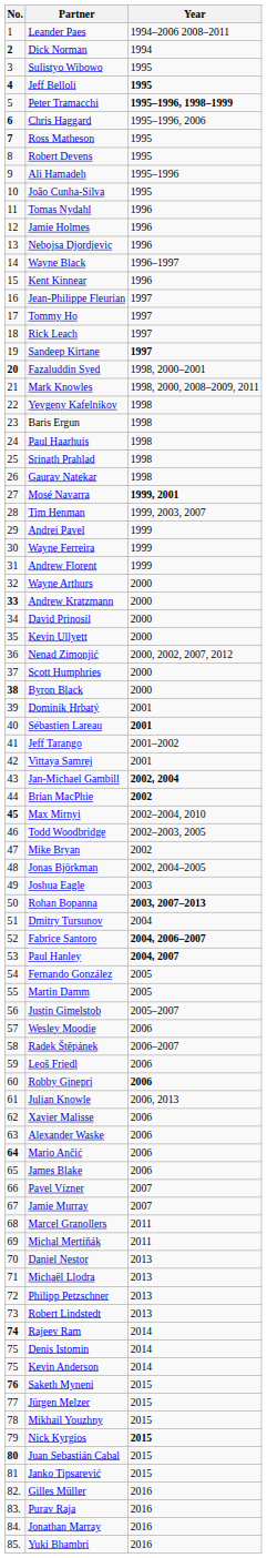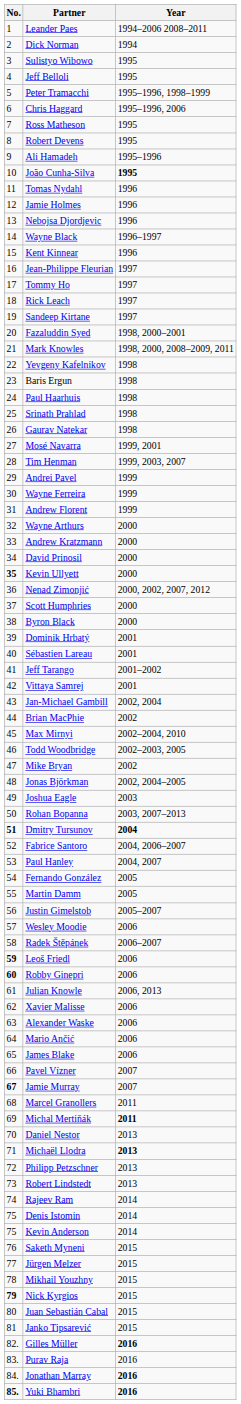 <table class=wikitable style=font-size:95%>
 <tr>
 <th>No.</th>
 <th>Partner</th>
 <th>Year</th>
 </tr>
 <tr>
 <td>1</td>
 <td> <a href='#'>Leander Paes</a></td>
 <td>1994–2006 2008–2011</td>
 </tr>
 <tr>
-<td><strong>2</strong></td>
+<td>2</td>
 <td> <a href='#'>Dick Norman</a></td>
 <td>1994</td>
 </tr>
 <tr>
 <td>3</td>
 <td> <a href='#'>Sulistyo Wibowo</a></td>
 <td>1995</td>
 </tr>
 <tr>
-<td><strong>4</strong></td>
+<td>4</td>
 <td> <a href='#'>Jeff Belloli</a></td>
-<td><strong>1995</strong></td>
+<td>1995</td>
 </tr>
 <tr>
 <td>5</td>
 <td> <a href='#'>Peter Tramacchi</a></td>
-<td><strong>1995–1996, 1998–1999</strong></td>
+<td>1995–1996, 1998–1999</td>
 </tr>
 <tr>
-<td><strong>6</strong></td>
+<td>6</td>
 <td> <a href='#'>Chris Haggard</a></td>
 <td>1995–1996, 2006</td>
 </tr>
 <tr>
-<td><strong>7</strong></td>
+<td>7</td>
 <td> <a href='#'>Ross Matheson</a></td>
 <td>1995</td>
 </tr>
 <tr>
 <td>8</td>
 <td> <a href='#'>Robert Devens</a></td>
 <td>1995</td>
 </tr>
 <tr>
 <td>9</td>
 <td> <a href='#'>Ali Hamadeh</a></td>
 <td>1995–1996</td>
 </tr>
 <tr>
 <td>10</td>
 <td> <a href='#'>João Cunha-Silva</a></td>
-<td>1995</td>
+<td><strong>1995</strong></td>
 </tr>
 <tr>
 <td>11</td>
 <td> <a href='#'>Tomas Nydahl</a></td>
 <td>1996</td>
 </tr>
 <tr>
 <td>12</td>
 <td> <a href='#'>Jamie Holmes</a></td>
 <td>1996</td>
 </tr>
 <tr>
 <td>13</td>
 <td> <a href='#'>Nebojsa Djordjevic</a></td>
 <td>1996</td>
 </tr>
 <tr>
 <td>14</td>
 <td> <a href='#'>Wayne Black</a></td>
 <td>1996–1997</td>
 </tr>
 <tr>
 <td>15</td>
 <td> <a href='#'>Kent Kinnear</a></td>
 <td>1996</td>
 </tr>
 <tr>
 <td>16</td>
 <td> <a href='#'>Jean-Philippe Fleurian</a></td>
 <td>1997</td>
 </tr>
 <tr>
 <td>17</td>
 <td> <a href='#'>Tommy Ho</a></td>
 <td>1997</td>
 </tr>
 <tr>
 <td>18</td>
 <td> <a href='#'>Rick Leach</a></td>
 <td>1997</td>
 </tr>
 <tr>
 <td>19</td>
 <td> <a href='#'>Sandeep Kirtane</a></td>
-<td><strong>1997</strong></td>
+<td>1997</td>
 </tr>
 <tr>
-<td><strong>20</strong></td>
+<td>20</td>
 <td> <a href='#'>Fazaluddin Syed</a></td>
 <td>1998, 2000–2001</td>
 </tr>
 <tr>
 <td>21</td>
 <td> <a href='#'>Mark Knowles</a></td>
 <td>1998, 2000, 2008–2009, 2011</td>
 </tr>
 <tr>
 <td>22</td>
 <td> <a href='#'>Yevgeny Kafelnikov</a></td>
 <td>1998</td>
 </tr>
 <tr>
 <td>23</td>
 <td> Baris Ergun</td>
 <td>1998</td>
 </tr>
 <tr>
 <td>24</td>
 <td> <a href='#'>Paul Haarhuis</a></td>
 <td>1998</td>
 </tr>
 <tr>
 <td>25</td>
 <td> <a href='#'>Srinath Prahlad</a></td>
 <td>1998</td>
 </tr>
 <tr>
 <td>26</td>
 <td> <a href='#'>Gaurav Natekar</a></td>
 <td>1998</td>
 </tr>
 <tr>
 <td>27</td>
 <td> <a href='#'>Mosé Navarra</a></td>
-<td><strong>1999, 2001</strong></td>
+<td>1999, 2001</td>
 </tr>
 <tr>
 <td>28</td>
 <td> <a href='#'>Tim Henman</a></td>
 <td>1999, 2003, 2007</td>
 </tr>
 <tr>
 <td>29</td>
 <td> <a href='#'>Andrei Pavel</a></td>
 <td>1999</td>
 </tr>
 <tr>
 <td>30</td>
 <td> <a href='#'>Wayne Ferreira</a></td>
 <td>1999</td>
 </tr>
 <tr>
 <td>31</td>
 <td> <a href='#'>Andrew Florent</a></td>
 <td>1999</td>
 </tr>
 <tr>
 <td>32</td>
 <td> <a href='#'>Wayne Arthurs</a></td>
 <td>2000</td>
 </tr>
 <tr>
-<td><strong>33</strong></td>
+<td>33</td>
 <td> <a href='#'>Andrew Kratzmann</a></td>
 <td>2000</td>
 </tr>
 <tr>
 <td>34</td>
 <td> <a href='#'>David Prinosil</a></td>
 <td>2000</td>
 </tr>
 <tr>
-<td>35</td>
+<td><strong>35</strong></td>
 <td> <a href='#'>Kevin Ullyett</a></td>
 <td>2000</td>
 </tr>
 <tr>
 <td>36</td>
 <td> <a href='#'>Nenad Zimonjić</a></td>
 <td>2000, 2002, 2007, 2012</td>
 </tr>
 <tr>
 <td>37</td>
 <td> <a href='#'>Scott Humphries</a></td>
 <td>2000</td>
 </tr>
 <tr>
-<td><strong>38</strong></td>
+<td>38</td>
 <td> <a href='#'>Byron Black</a></td>
 <td>2000</td>
 </tr>
 <tr>
 <td>39</td>
 <td> <a href='#'>Dominik Hrbatý</a></td>
 <td>2001</td>
 </tr>
 <tr>
 <td>40</td>
 <td> <a href='#'>Sébastien Lareau</a></td>
-<td><strong>2001</strong></td>
+<td>2001</td>
 </tr>
 <tr>
 <td>41</td>
 <td> <a href='#'>Jeff Tarango</a></td>
 <td>2001–2002</td>
 </tr>
 <tr>
 <td>42</td>
 <td> <a href='#'>Vittaya Samrej</a></td>
 <td>2001</td>
 </tr>
 <tr>
 <td>43</td>
 <td> <a href='#'>Jan-Michael Gambill</a></td>
-<td><strong>2002, 2004</strong></td>
+<td>2002, 2004</td>
 </tr>
 <tr>
 <td>44</td>
 <td> <a href='#'>Brian MacPhie</a></td>
-<td><strong>2002</strong></td>
+<td>2002</td>
 </tr>
 <tr>
-<td><strong>45</strong></td>
+<td>45</td>
 <td> <a href='#'>Max Mirnyi</a></td>
 <td>2002–2004, 2010</td>
 </tr>
 <tr>
 <td>46</td>
 <td> <a href='#'>Todd Woodbridge</a></td>
 <td>2002–2003, 2005</td>
 </tr>
 <tr>
 <td>47</td>
 <td> <a href='#'>Mike Bryan</a></td>
 <td>2002</td>
 </tr>
 <tr>
 <td>48</td>
 <td> <a href='#'>Jonas Björkman</a></td>
 <td>2002, 2004–2005</td>
 </tr>
 <tr>
 <td>49</td>
 <td> <a href='#'>Joshua Eagle</a></td>
 <td>2003</td>
 </tr>
 <tr>
 <td>50</td>
 <td> <a href='#'>Rohan Bopanna</a></td>
-<td><strong>2003, 2007–2013</strong></td>
+<td>2003, 2007–2013</td>
 </tr>
 <tr>
-<td>51</td>
+<td><strong>51</strong></td>
 <td> <a href='#'>Dmitry Tursunov</a></td>
-<td>2004</td>
+<td><strong>2004</strong></td>
 </tr>
 <tr>
 <td>52</td>
 <td> <a href='#'>Fabrice Santoro</a></td>
-<td><strong>2004, 2006–2007</strong></td>
+<td>2004, 2006–2007</td>
 </tr>
 <tr>
 <td>53</td>
 <td> <a href='#'>Paul Hanley</a></td>
-<td><strong>2004, 2007</strong></td>
+<td>2004, 2007</td>
 </tr>
 <tr>
 <td>54</td>
 <td> <a href='#'>Fernando González</a></td>
 <td>2005</td>
 </tr>
 <tr>
 <td>55</td>
 <td> <a href='#'>Martin Damm</a></td>
 <td>2005</td>
 </tr>
 <tr>
 <td>56</td>
 <td> <a href='#'>Justin Gimelstob</a></td>
 <td>2005–2007</td>
 </tr>
 <tr>
 <td>57</td>
 <td> <a href='#'>Wesley Moodie</a></td>
 <td>2006</td>
 </tr>
 <tr>
 <td>58</td>
 <td> <a href='#'>Radek Štěpánek</a></td>
 <td>2006–2007</td>
 </tr>
 <tr>
-<td>59</td>
+<td><strong>59</strong></td>
 <td> <a href='#'>Leoš Friedl</a></td>
 <td>2006</td>
 </tr>
 <tr>
-<td>60</td>
+<td><strong>60</strong></td>
 <td> <a href='#'>Robby Ginepri</a></td>
-<td><strong>2006</strong></td>
+<td>2006</td>
 </tr>
 <tr>
 <td>61</td>
 <td> <a href='#'>Julian Knowle</a></td>
 <td>2006, 2013</td>
 </tr>
 <tr>
 <td>62</td>
 <td> <a href='#'>Xavier Malisse</a></td>
 <td>2006</td>
 </tr>
 <tr>
 <td>63</td>
 <td> <a href='#'>Alexander Waske</a></td>
 <td>2006</td>
 </tr>
 <tr>
-<td><strong>64</strong></td>
+<td>64</td>
 <td> <a href='#'>Mario Ančić</a></td>
 <td>2006</td>
 </tr>
 <tr>
 <td>65</td>
 <td> <a href='#'>James Blake</a></td>
 <td>2006</td>
 </tr>
 <tr>
 <td>66</td>
 <td> <a href='#'>Pavel Vízner</a></td>
 <td>2007</td>
 </tr>
 <tr>
-<td>67</td>
+<td><strong>67</strong></td>
 <td> <a href='#'>Jamie Murray</a></td>
 <td>2007</td>
 </tr>
 <tr>
 <td>68</td>
 <td> <a href='#'>Marcel Granollers</a></td>
 <td>2011</td>
 </tr>
 <tr>
 <td>69</td>
 <td> <a href='#'>Michal Mertiňák</a></td>
-<td>2011</td>
+<td><strong>2011</strong></td>
 </tr>
 <tr>
 <td>70</td>
 <td> <a href='#'>Daniel Nestor</a></td>
 <td>2013</td>
 </tr>
 <tr>
 <td>71</td>
 <td> <a href='#'>Michaël Llodra</a></td>
-<td>2013</td>
+<td><strong>2013</strong></td>
 </tr>
 <tr>
 <td>72</td>
 <td> <a href='#'>Philipp Petzschner</a></td>
 <td>2013</td>
 </tr>
 <tr>
 <td>73</td>
 <td> <a href='#'>Robert Lindstedt</a></td>
 <td>2013</td>
 </tr>
 <tr>
-<td><strong>74</strong></td>
+<td>74</td>
 <td> <a href='#'>Rajeev Ram</a></td>
 <td>2014</td>
 </tr>
 <tr>
 <td>75</td>
 <td> <a href='#'>Denis Istomin</a></td>
 <td>2014</td>
 </tr>
 <tr>
 <td>75</td>
 <td> <a href='#'>Kevin Anderson</a></td>
 <td>2014</td>
 </tr>
 <tr>
-<td><strong>76</strong></td>
+<td>76</td>
 <td> <a href='#'>Saketh Myneni</a></td>
 <td>2015</td>
 </tr>
 <tr>
 <td>77</td>
 <td> <a href='#'>Jürgen Melzer</a></td>
 <td>2015</td>
 </tr>
 <tr>
 <td>78</td>
 <td> <a href='#'>Mikhail Youzhny</a></td>
 <td>2015</td>
 </tr>
 <tr>
-<td>79</td>
+<td><strong>79</strong></td>
 <td> <a href='#'>Nick Kyrgios</a></td>
-<td><strong>2015</strong></td>
+<td>2015</td>
 </tr>
 <tr>
-<td><strong>80</strong></td>
+<td>80</td>
 <td> <a href='#'>Juan Sebastián Cabal</a></td>
 <td>2015</td>
 </tr>
 <tr>
 <td>81</td>
 <td> <a href='#'>Janko Tipsarević</a></td>
 <td>2015</td>
 </tr>
 <tr>
 <td>82.</td>
 <td> <a href='#'>Gilles Müller</a></td>
-<td>2016</td>
+<td><strong>2016</strong></td>
 </tr>
 <tr>
 <td>83.</td>
 <td> <a href='#'>Purav Raja</a></td>
 <td>2016</td>
 </tr>
 <tr>
 <td>84.</td>
 <td> <a href='#'>Jonathan Marray</a></td>
-<td>2016</td>
+<td><strong>2016</strong></td>
 </tr>
 <tr>
-<td>85.</td>
+<td><strong>85.</strong></td>
 <td> <a href='#'>Yuki Bhambri</a></td>
-<td>2016</td>
+<td><strong>2016</strong></td>
 </tr>
 </table>
